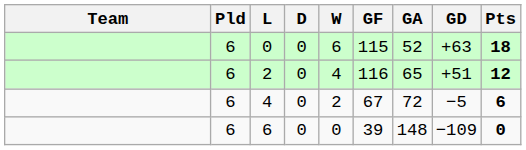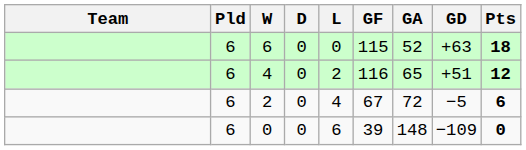 <table class="wikitable" style="text-align:center;">
 <tr>
 <th width=150>Team</th>
 <th width=20>Pld</th>
+<th width=20>W</th>
+<th width=20>D</th>
 <th width=20>L</th>
-<th width=20>D</th>
-<th width=20>W</th>
 <th width=20>GF</th>
 <th width=20>GA</th>
 <th width=20>GD</th>
 <th width=20>Pts</th>
 </tr>
 <tr bgcolor=ccffcc>
 <td align="left"></td>
 <td>6</td>
+<td>6</td>
 <td>0</td>
 <td>0</td>
-<td>6</td>
 <td>115</td>
 <td>52</td>
 <td>+63</td>
 <td><strong>18</strong></td>
 </tr>
 <tr bgcolor=ccffcc>
 <td align="left"></td>
 <td>6</td>
+<td>4</td>
+<td>0</td>
 <td>2</td>
-<td>0</td>
-<td>4</td>
 <td>116</td>
 <td>65</td>
 <td>+51</td>
 <td><strong>12</strong></td>
 </tr>
 <tr>
 <td align="left"></td>
 <td>6</td>
+<td>2</td>
+<td>0</td>
 <td>4</td>
-<td>0</td>
-<td>2</td>
 <td>67</td>
 <td>72</td>
 <td>−5</td>
 <td><strong>6</strong></td>
 </tr>
 <tr>
 <td align="left"></td>
 <td>6</td>
-<td>6</td>
 <td>0</td>
 <td>0</td>
+<td>6</td>
 <td>39</td>
 <td>148</td>
 <td>−109</td>
 <td><strong>0</strong></td>
 </tr>
 </table>
